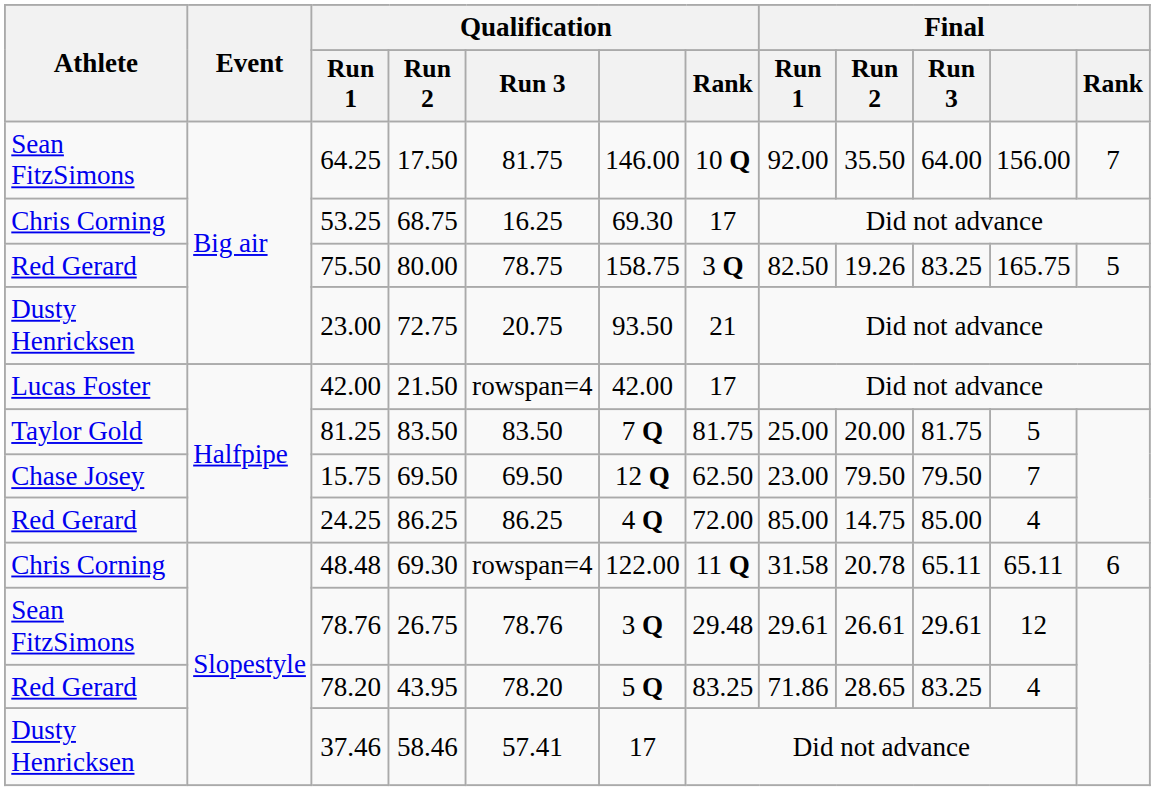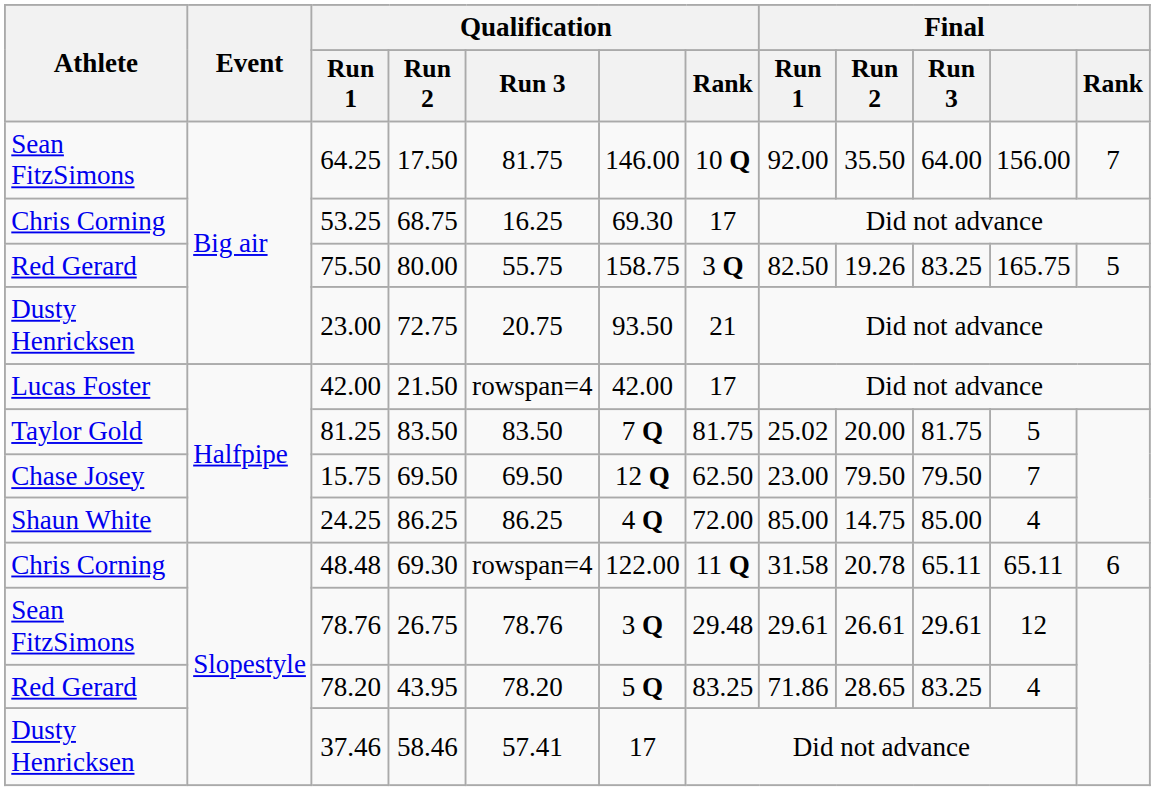 <table class=wikitable style=font-size:90%;text-align:center>
 <tr>
 <th rowspan=2>Athlete</th>
 <th rowspan=2>Event</th>
 <th colspan=5>Qualification</th>
 <th colspan=5>Final</th>
 </tr>
 <tr style=font-size:95%>
 <th>Run 1</th>
 <th>Run 2</th>
 <th>Run 3</th>
 <th></th>
 <th>Rank</th>
 <th>Run 1</th>
 <th>Run 2</th>
 <th>Run 3</th>
 <th></th>
 <th>Rank</th>
 </tr>
 <tr>
 <td align=left><a href='#'>Sean FitzSimons</a></td>
 <td align=left rowspan=4><a href='#'>Big air</a></td>
 <td>64.25</td>
 <td>17.50</td>
 <td>81.75</td>
 <td>146.00</td>
 <td>10 <strong>Q</strong></td>
 <td>92.00</td>
 <td>35.50</td>
 <td>64.00</td>
 <td>156.00</td>
 <td>7</td>
 </tr>
 <tr>
 <td align=left><a href='#'>Chris Corning</a></td>
 <td>53.25</td>
 <td>68.75</td>
 <td>16.25</td>
 <td>69.30</td>
 <td>17</td>
 <td colspan=5>Did not advance</td>
 </tr>
 <tr>
 <td align=left><a href='#'>Red Gerard</a></td>
 <td>75.50</td>
 <td>80.00</td>
-<td>78.75</td>
+<td>55.75</td>
 <td>158.75</td>
 <td>3 <strong>Q</strong></td>
 <td>82.50</td>
 <td>19.26</td>
 <td>83.25</td>
 <td>165.75</td>
 <td>5</td>
 </tr>
 <tr>
 <td align=left><a href='#'>Dusty Henricksen</a></td>
 <td>23.00</td>
 <td>72.75</td>
 <td>20.75</td>
 <td>93.50</td>
 <td>21</td>
 <td colspan=5>Did not advance</td>
 </tr>
 <tr>
 <td align=left><a href='#'>Lucas Foster</a></td>
 <td align=left rowspan=4><a href='#'>Halfpipe</a></td>
 <td>42.00</td>
 <td>21.50</td>
 <td>rowspan=4 </td>
 <td>42.00</td>
 <td>17</td>
 <td colspan=5>Did not advance</td>
 </tr>
 <tr>
 <td align=left><a href='#'>Taylor Gold</a></td>
 <td>81.25</td>
 <td>83.50</td>
 <td>83.50</td>
 <td>7 <strong>Q</strong></td>
 <td>81.75</td>
-<td>25.00</td>
+<td>25.02</td>
 <td>20.00</td>
 <td>81.75</td>
 <td>5</td>
 </tr>
 <tr>
 <td align=left><a href='#'>Chase Josey</a></td>
 <td>15.75</td>
 <td>69.50</td>
 <td>69.50</td>
 <td>12 <strong>Q</strong></td>
 <td>62.50</td>
 <td>23.00</td>
 <td>79.50</td>
 <td>79.50</td>
 <td>7</td>
 </tr>
 <tr>
-<td align=left><a href='#'>Red Gerard</a></td>
+<td align=left><a href='#'>Shaun White</a></td>
 <td>24.25</td>
 <td>86.25</td>
 <td>86.25</td>
 <td>4 <strong>Q</strong></td>
 <td>72.00</td>
 <td>85.00</td>
 <td>14.75</td>
 <td>85.00</td>
 <td>4</td>
 </tr>
 <tr>
 <td align=left><a href='#'>Chris Corning</a></td>
 <td align=left rowspan=4><a href='#'>Slopestyle</a></td>
 <td>48.48</td>
 <td>69.30</td>
 <td>rowspan=4 </td>
 <td>122.00</td>
 <td>11 <strong>Q</strong></td>
 <td>31.58</td>
 <td>20.78</td>
 <td>65.11</td>
 <td>65.11</td>
 <td>6</td>
 </tr>
 <tr>
 <td align=left><a href='#'>Sean FitzSimons</a></td>
 <td>78.76</td>
 <td>26.75</td>
 <td>78.76</td>
 <td>3 <strong>Q</strong></td>
 <td>29.48</td>
 <td>29.61</td>
 <td>26.61</td>
 <td>29.61</td>
 <td>12</td>
 </tr>
 <tr>
 <td align=left><a href='#'>Red Gerard</a></td>
 <td>78.20</td>
 <td>43.95</td>
 <td>78.20</td>
 <td>5 <strong>Q</strong></td>
 <td>83.25</td>
 <td>71.86</td>
 <td>28.65</td>
 <td>83.25</td>
 <td>4</td>
 </tr>
 <tr>
 <td align=left><a href='#'>Dusty Henricksen</a></td>
 <td>37.46</td>
 <td>58.46</td>
 <td>57.41</td>
 <td>17</td>
 <td colspan=5>Did not advance</td>
 </tr>
 </table>
